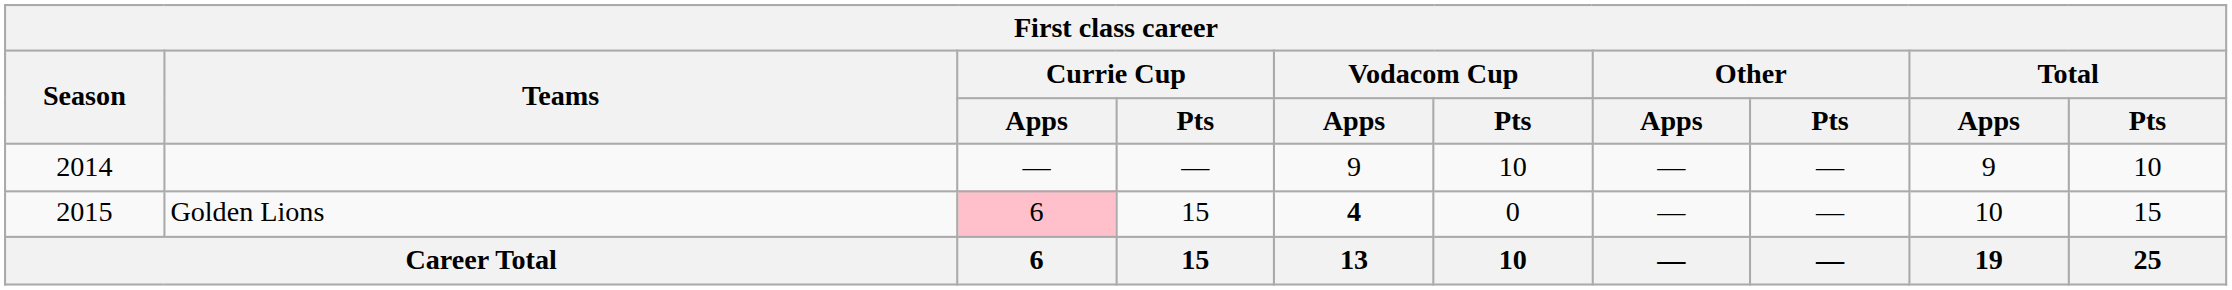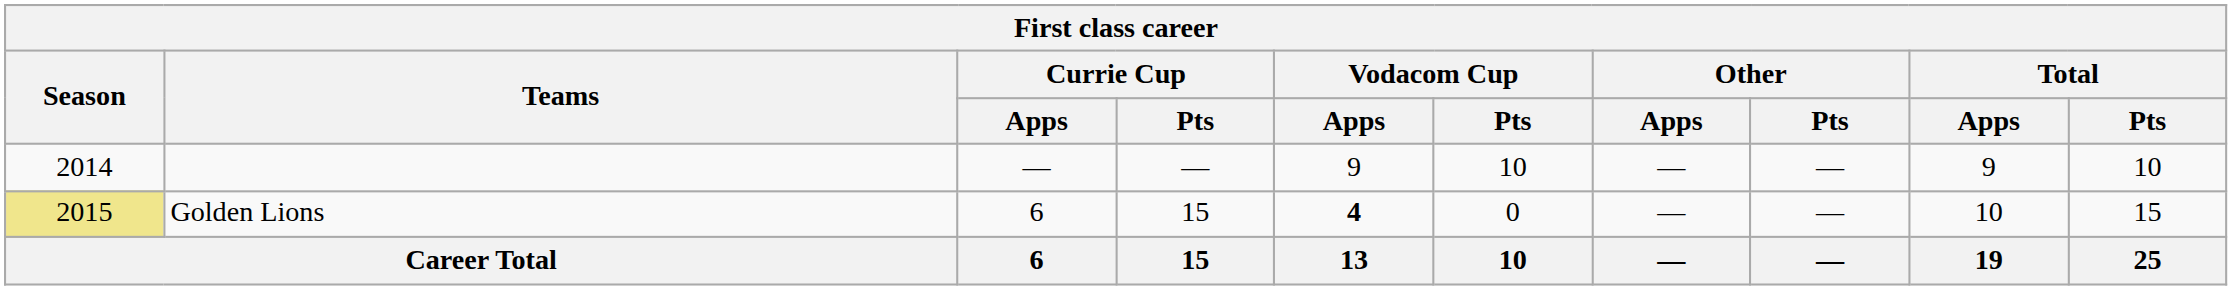 <table class="wikitable" style="text-align:center; font-size:85%; width:85%">
 <tr>
 <th colspan=100%>First class career</th>
 </tr>
 <tr>
 <th style="width:5%;"  rowspan=2>Season</th>
 <th style="width:25%;" rowspan=2>Teams</th>
 <th colspan=2>Currie Cup</th>
 <th colspan=2>Vodacom Cup</th>
 <th colspan=2>Other</th>
 <th colspan=2>Total</th>
 </tr>
 <tr>
 <th style="width:5%;">Apps</th>
 <th style="width:5%;">Pts</th>
 <th style="width:5%;">Apps</th>
 <th style="width:5%;">Pts</th>
 <th style="width:5%;">Apps</th>
 <th style="width:5%;">Pts</th>
 <th style="width:5%;">Apps</th>
 <th style="width:5%;">Pts</th>
 </tr>
 <tr>
 <td>2014</td>
 <td style="text-align:left;"></td>
 <td>—</td>
 <td>—</td>
 <td>9</td>
 <td>10</td>
 <td>—</td>
 <td>—</td>
 <td>9</td>
 <td>10</td>
 </tr>
 <tr>
-<td>2015</td>
+<td style="background: khaki;">2015</td>
 <td style="text-align:left;">Golden Lions</td>
-<td style="background: pink;">6</td>
+<td>6</td>
 <td>15</td>
 <td><strong>4</strong></td>
 <td>0</td>
 <td>—</td>
 <td>—</td>
 <td>10</td>
 <td>15</td>
 </tr>
 <tr>
 <th colspan=2>Career Total</th>
 <th>6</th>
 <th>15</th>
 <th>13</th>
 <th>10</th>
 <th>—</th>
 <th>—</th>
 <th>19</th>
 <th>25</th>
 </tr>
 </table>
